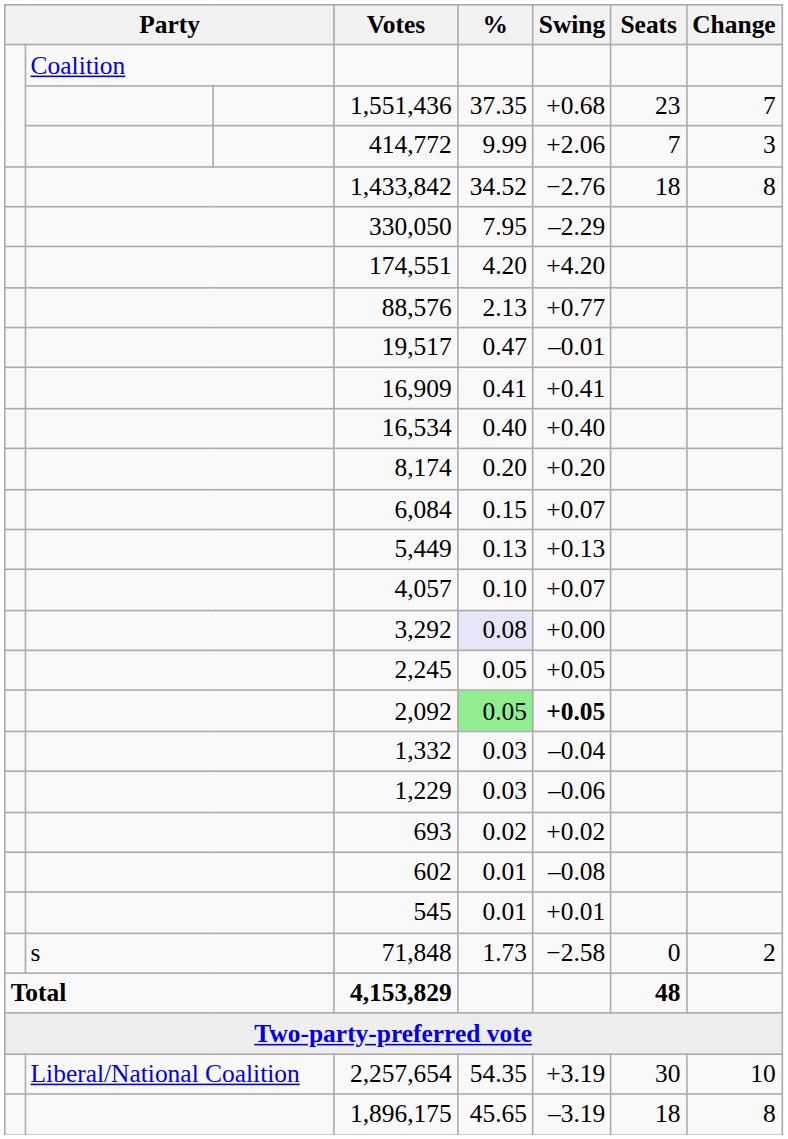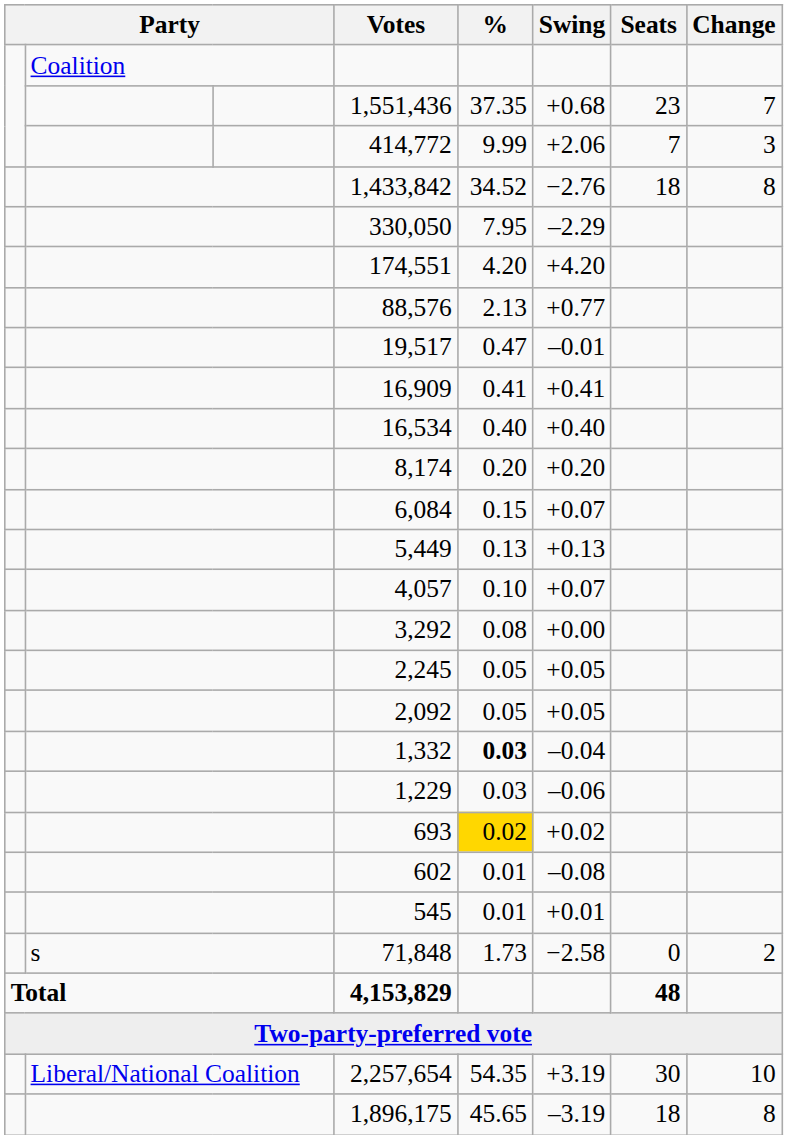 <table class="wikitable">
 <tr>
 <th style="width:200px" colspan=3><strong>Party</strong></th>
 <th style="width:70px; text-align:center;"><strong>Votes</strong></th>
 <th style="width:40px; text-align:center;"><strong>%</strong></th>
 <th style="width:40px; text-align:center;"><strong>Swing</strong></th>
 <th style="width:40px; text-align:center;"><strong>Seats</strong></th>
 <th style="width:40px; text-align:center;"><strong>Change</strong></th>
 </tr>
 <tr>
 <td rowspan=3> </td>
 <td colspan=2><a href='#'>Coalition</a></td>
 <td> </td>
 <td> </td>
 <td> </td>
 <td> </td>
 <td> </td>
 </tr>
 <tr>
 <td> </td>
 <td></td>
 <td align=right>1,551,436</td>
 <td align=right>37.35</td>
 <td align=right>+0.68</td>
 <td align=right>23</td>
 <td align=right> 7</td>
 </tr>
 <tr>
 <td> </td>
 <td></td>
 <td align=right>414,772</td>
 <td align=right>9.99</td>
 <td align=right>+2.06</td>
 <td align=right>7</td>
 <td align=right> 3</td>
 </tr>
 <tr>
 <td> </td>
 <td colspan=2></td>
 <td align=right>1,433,842</td>
 <td align=right>34.52</td>
 <td align=right>−2.76</td>
 <td align=right>18</td>
 <td align=right> 8</td>
 </tr>
 <tr>
 <td> </td>
 <td colspan=2></td>
 <td align=right>330,050</td>
 <td align=right>7.95</td>
 <td align=right>–2.29</td>
 <td align=right></td>
 <td align=right></td>
 </tr>
 <tr>
 <td> </td>
 <td colspan=2></td>
 <td align=right>174,551</td>
 <td align=right>4.20</td>
 <td align=right>+4.20</td>
 <td align=right></td>
 <td align=right></td>
 </tr>
 <tr>
 <td> </td>
 <td colspan=2></td>
 <td align=right>88,576</td>
 <td align=right>2.13</td>
 <td align=right>+0.77</td>
 <td align=right></td>
 <td align=right></td>
 </tr>
 <tr>
 <td> </td>
 <td colspan=2></td>
 <td align=right>19,517</td>
 <td align=right>0.47</td>
 <td align=right>–0.01</td>
 <td align=right></td>
 <td align=right></td>
 </tr>
 <tr>
 <td> </td>
 <td colspan=2></td>
 <td align=right>16,909</td>
 <td align=right>0.41</td>
 <td align=right>+0.41</td>
 <td align=right></td>
 <td align=right></td>
 </tr>
 <tr>
 <td> </td>
 <td colspan=2></td>
 <td align=right>16,534</td>
 <td align=right>0.40</td>
 <td align=right>+0.40</td>
 <td align=right></td>
 <td align=right></td>
 </tr>
 <tr>
 <td> </td>
 <td colspan=2></td>
 <td align=right>8,174</td>
 <td align=right>0.20</td>
 <td align=right>+0.20</td>
 <td align=right></td>
 <td align=right></td>
 </tr>
 <tr>
 <td> </td>
 <td colspan=2></td>
 <td align=right>6,084</td>
 <td align=right>0.15</td>
 <td align=right>+0.07</td>
 <td align=right></td>
 <td align=right></td>
 </tr>
 <tr>
 <td> </td>
 <td colspan=2></td>
 <td align=right>5,449</td>
 <td align=right>0.13</td>
 <td align=right>+0.13</td>
 <td align=right></td>
 <td align=right></td>
 </tr>
 <tr>
 <td> </td>
 <td colspan=2></td>
 <td align=right>4,057</td>
 <td align=right>0.10</td>
 <td align=right>+0.07</td>
 <td align=right></td>
 <td align=right></td>
 </tr>
 <tr>
 <td> </td>
 <td colspan=2></td>
 <td align=right>3,292</td>
-<td align=right style="background: lavender;">0.08</td>
+<td align=right>0.08</td>
 <td align=right>+0.00</td>
 <td align=right></td>
 <td align=right></td>
 </tr>
 <tr>
 <td> </td>
 <td colspan=2></td>
 <td align=right>2,245</td>
 <td align=right>0.05</td>
 <td align=right>+0.05</td>
 <td align=right></td>
 <td align=right></td>
 </tr>
 <tr>
 <td> </td>
 <td colspan=2></td>
 <td align=right>2,092</td>
-<td align=right style="background: lightgreen;">0.05</td>
-<td align=right><strong>+0.05</strong></td>
+<td align=right>0.05</td>
+<td align=right>+0.05</td>
 <td align=right></td>
 <td align=right></td>
 </tr>
 <tr>
 <td> </td>
 <td colspan=2></td>
 <td align=right>1,332</td>
-<td align=right>0.03</td>
+<td align=right><strong>0.03</strong></td>
 <td align=right>–0.04</td>
 <td align=right></td>
 <td align=right></td>
 </tr>
 <tr>
 <td> </td>
 <td colspan=2></td>
 <td align=right>1,229</td>
 <td align=right>0.03</td>
 <td align=right>–0.06</td>
 <td align=right></td>
 <td align=right></td>
 </tr>
 <tr>
 <td> </td>
 <td colspan=2></td>
 <td align=right>693</td>
-<td align=right>0.02</td>
+<td align=right style="background: gold;">0.02</td>
 <td align=right>+0.02</td>
 <td align=right></td>
 <td align=right></td>
 </tr>
 <tr>
 <td> </td>
 <td colspan=2></td>
 <td align=right>602</td>
 <td align=right>0.01</td>
 <td align=right>–0.08</td>
 <td align=right></td>
 <td align=right></td>
 </tr>
 <tr>
 <td> </td>
 <td colspan=2></td>
 <td align=right>545</td>
 <td align=right>0.01</td>
 <td align=right>+0.01</td>
 <td align=right></td>
 <td align=right></td>
 </tr>
 <tr>
 <td> </td>
 <td colspan=2>s</td>
 <td align=right>71,848</td>
 <td align=right>1.73</td>
 <td align=right>−2.58</td>
 <td align=right>0</td>
 <td align=right> 2</td>
 </tr>
 <tr>
 <td colspan=3><strong>Total</strong></td>
 <td align=right><strong>4,153,829</strong></td>
 <td align=right> </td>
 <td align=right> </td>
 <td align=right><strong>48</strong></td>
 <td align=right></td>
 </tr>
 <tr>
 <td colspan="8" style="text-align:center; background:#eee;"><strong><a href='#'>Two-party-preferred vote</a></strong></td>
 </tr>
 <tr>
 <td> </td>
 <td colspan=2><a href='#'>Liberal/National Coalition</a></td>
 <td align=right>2,257,654</td>
 <td align=right>54.35</td>
 <td align=right>+3.19</td>
 <td align=right>30</td>
 <td align=right> 10</td>
 </tr>
 <tr>
 <td> </td>
 <td colspan=2></td>
 <td align=right>1,896,175</td>
 <td align=right>45.65</td>
 <td align=right>–3.19</td>
 <td align=right>18</td>
 <td align=right> 8</td>
 </tr>
 </table>
